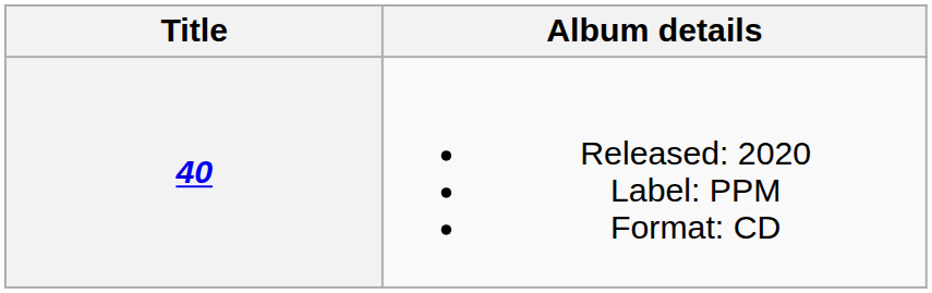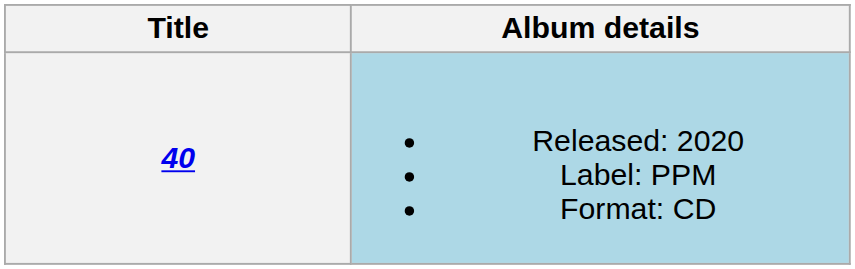 <table class="wikitable plainrowheaders" style="text-align:center;">
 <tr>
 <th scope="col" style="width:11em;">Title</th>
 <th scope="col" style="width:16em;">Album details</th>
 </tr>
 <tr>
 <th scope="row"><em><a href='#'>40</a></em></th>
-<td><br><ul><li>Released: 2020</li><li>Label: PPM</li><li>Format: CD</li></ul></td>
+<td style="background: lightblue;"><br><ul><li>Released: 2020</li><li>Label: PPM</li><li>Format: CD</li></ul></td>
 </tr>
 </table>
